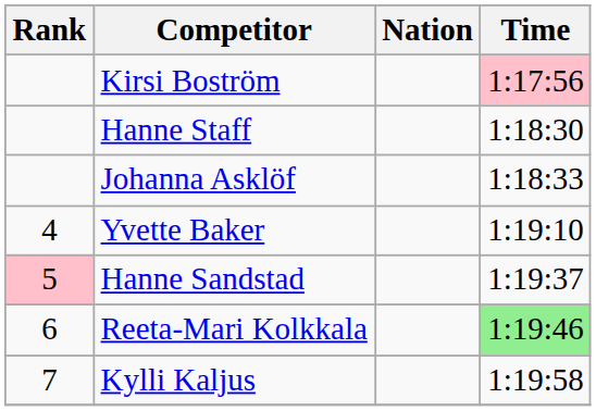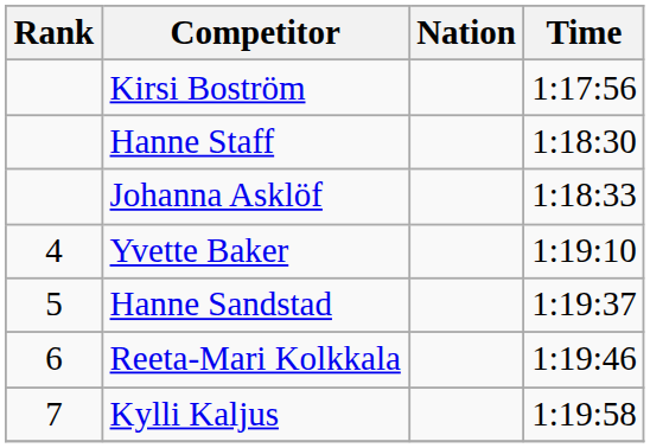 <table class="wikitable sortable" style="text-align:left">
 <tr>
 <th data-sort-type="number">Rank</th>
 <th class="unsortable">Competitor</th>
 <th>Nation</th>
 <th>Time</th>
 </tr>
 <tr>
 <td style="text-align:center"></td>
 <td><a href='#'>Kirsi Boström</a></td>
 <td></td>
-<td style="background: pink; text-align:right">1:17:56</td>
+<td style="text-align:right">1:17:56</td>
 </tr>
 <tr>
 <td style="text-align:center"></td>
 <td><a href='#'>Hanne Staff</a></td>
 <td></td>
 <td style="text-align:right">1:18:30</td>
 </tr>
 <tr>
 <td style="text-align:center"></td>
 <td><a href='#'>Johanna Asklöf</a></td>
 <td></td>
 <td style="text-align:right">1:18:33</td>
 </tr>
 <tr>
 <td style="text-align:center">4</td>
 <td><a href='#'>Yvette Baker</a></td>
 <td></td>
 <td style="text-align:right">1:19:10</td>
 </tr>
 <tr>
-<td style="background: pink; text-align:center">5</td>
+<td style="text-align:center">5</td>
 <td><a href='#'>Hanne Sandstad</a></td>
 <td></td>
 <td style="text-align:right">1:19:37</td>
 </tr>
 <tr>
 <td style="text-align:center">6</td>
 <td><a href='#'>Reeta-Mari Kolkkala</a></td>
 <td></td>
-<td style="background: lightgreen; text-align:right">1:19:46</td>
+<td style="text-align:right">1:19:46</td>
 </tr>
 <tr>
 <td style="text-align:center">7</td>
 <td><a href='#'>Kylli Kaljus</a></td>
 <td></td>
 <td style="text-align:right">1:19:58</td>
 </tr>
 <tr>
 </tr>
 </table>
